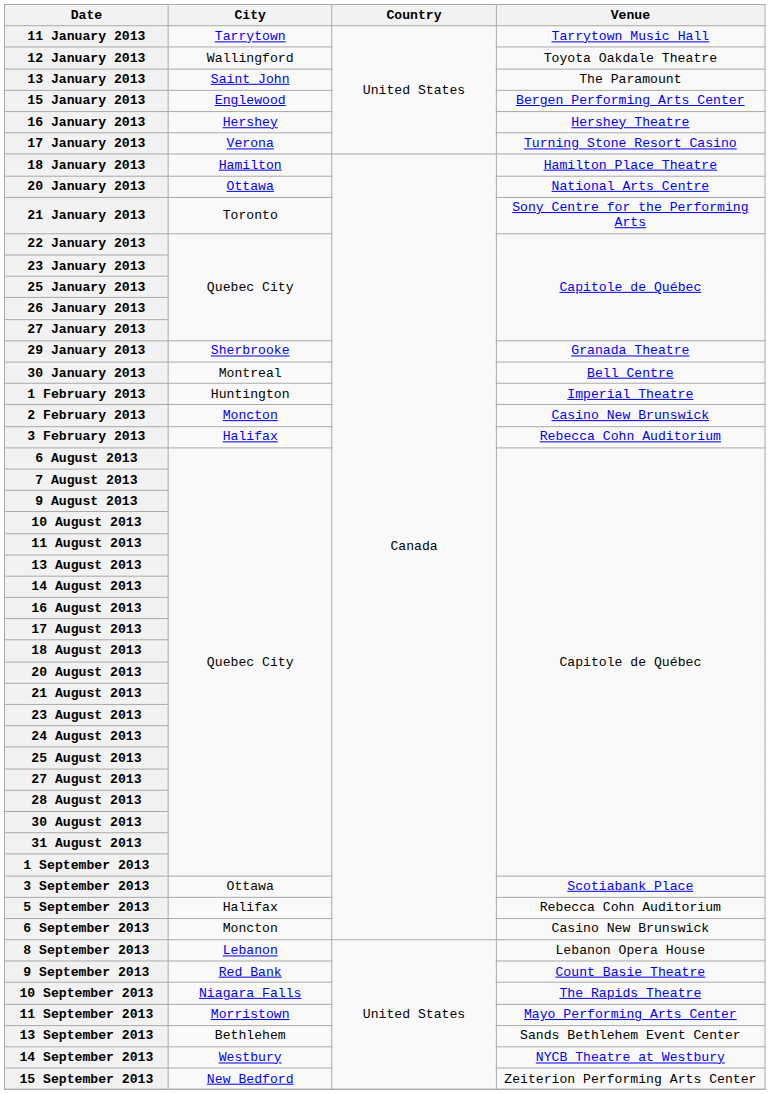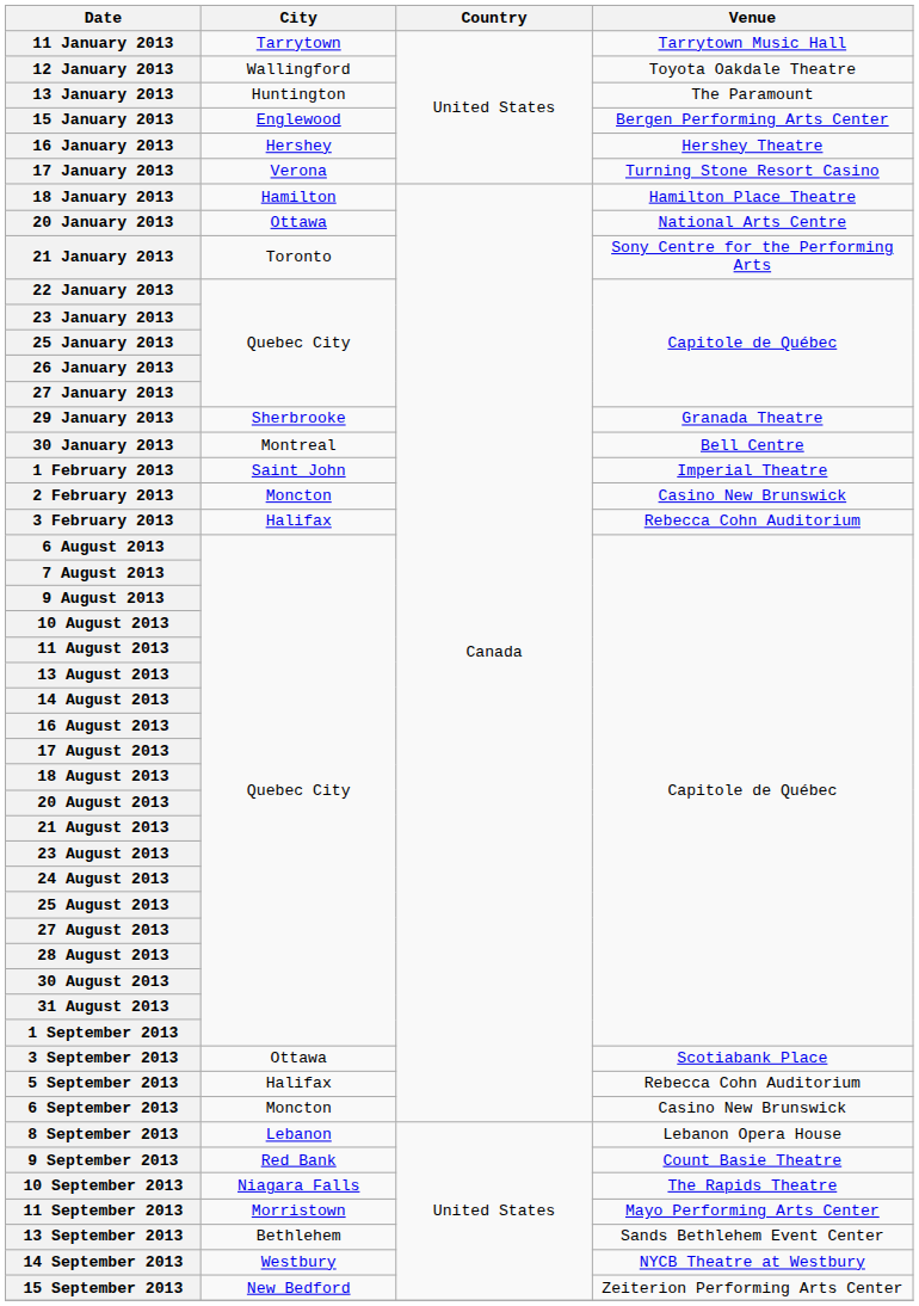 <table class="wikitable plainrowheaders" style="text-align:center;">
 <tr>
 <th scope="col" style="width:12em;">Date</th>
 <th scope="col" style="width:12em;">City</th>
 <th scope="col" style="width:12em;">Country</th>
 <th scope="col" style="width:20em;">Venue</th>
 </tr>
 <tr>
 <th scope="row">11 January 2013</th>
 <td><a href='#'>Tarrytown</a></td>
 <td rowspan="6">United States</td>
 <td><a href='#'>Tarrytown Music Hall</a></td>
 </tr>
 <tr>
 <th scope="row">12 January 2013</th>
 <td>Wallingford</td>
 <td>Toyota Oakdale Theatre</td>
 </tr>
 <tr>
 <th scope="row">13 January 2013</th>
-<td><a href='#'>Saint John</a></td>
+<td>Huntington</td>
 <td>The Paramount</td>
 </tr>
 <tr>
 <th scope="row">15 January 2013</th>
 <td><a href='#'>Englewood</a></td>
 <td><a href='#'>Bergen Performing Arts Center</a></td>
 </tr>
 <tr>
 <th scope="row">16 January 2013</th>
 <td><a href='#'>Hershey</a></td>
 <td><a href='#'>Hershey Theatre</a></td>
 </tr>
 <tr>
 <th scope="row">17 January 2013</th>
 <td><a href='#'>Verona</a></td>
 <td><a href='#'>Turning Stone Resort Casino</a></td>
 </tr>
 <tr>
 <th scope="row">18 January 2013</th>
 <td><a href='#'>Hamilton</a></td>
 <td rowspan="36">Canada</td>
 <td><a href='#'>Hamilton Place Theatre</a></td>
 </tr>
 <tr>
 <th scope="row">20 January 2013</th>
 <td><a href='#'>Ottawa</a></td>
 <td><a href='#'>National Arts Centre</a></td>
 </tr>
 <tr>
 <th scope="row">21 January 2013</th>
 <td>Toronto</td>
 <td><a href='#'>Sony Centre for the Performing Arts</a></td>
 </tr>
 <tr>
 <th scope="row">22 January 2013</th>
 <td rowspan="5">Quebec City</td>
 <td rowspan="5"><a href='#'>Capitole de Québec</a></td>
 </tr>
 <tr>
 <th scope="row">23 January 2013</th>
 </tr>
 <tr>
 <th scope="row">25 January 2013</th>
 </tr>
 <tr>
 <th scope="row">26 January 2013</th>
 </tr>
 <tr>
 <th scope="row">27 January 2013</th>
 </tr>
 <tr>
 <th scope="row">29 January 2013</th>
 <td><a href='#'>Sherbrooke</a></td>
 <td><a href='#'>Granada Theatre</a></td>
 </tr>
 <tr>
 <th scope="row">30 January 2013</th>
 <td>Montreal</td>
 <td><a href='#'>Bell Centre</a></td>
 </tr>
 <tr>
 <th scope="row">1 February 2013</th>
-<td>Huntington</td>
+<td><a href='#'>Saint John</a></td>
 <td><a href='#'>Imperial Theatre</a></td>
 </tr>
 <tr>
 <th scope="row">2 February 2013</th>
 <td><a href='#'>Moncton</a></td>
 <td><a href='#'>Casino New Brunswick</a></td>
 </tr>
 <tr>
 <th scope="row">3 February 2013</th>
 <td><a href='#'>Halifax</a></td>
 <td><a href='#'>Rebecca Cohn Auditorium</a></td>
 </tr>
 <tr>
 <th scope="row">6 August 2013</th>
 <td rowspan="20">Quebec City</td>
 <td rowspan="20">Capitole de Québec</td>
 </tr>
 <tr>
 <th scope="row">7 August 2013</th>
 </tr>
 <tr>
 <th scope="row">9 August 2013</th>
 </tr>
 <tr>
 <th scope="row">10 August 2013</th>
 </tr>
 <tr>
 <th scope="row">11 August 2013</th>
 </tr>
 <tr>
 <th scope="row">13 August 2013</th>
 </tr>
 <tr>
 <th scope="row">14 August 2013</th>
 </tr>
 <tr>
 <th scope="row">16 August 2013</th>
 </tr>
 <tr>
 <th scope="row">17 August 2013</th>
 </tr>
 <tr>
 <th scope="row">18 August 2013</th>
 </tr>
 <tr>
 <th scope="row">20 August 2013</th>
 </tr>
 <tr>
 <th scope="row">21 August 2013</th>
 </tr>
 <tr>
 <th scope="row">23 August 2013</th>
 </tr>
 <tr>
 <th scope="row">24 August 2013</th>
 </tr>
 <tr>
 <th scope="row">25 August 2013</th>
 </tr>
 <tr>
 <th scope="row">27 August 2013</th>
 </tr>
 <tr>
 <th scope="row">28 August 2013</th>
 </tr>
 <tr>
 <th scope="row">30 August 2013</th>
 </tr>
 <tr>
 <th scope="row">31 August 2013</th>
 </tr>
 <tr>
 <th scope="row">1 September 2013</th>
 </tr>
 <tr>
 <th scope="row">3 September 2013</th>
 <td>Ottawa</td>
 <td><a href='#'>Scotiabank Place</a></td>
 </tr>
 <tr>
 <th scope="row">5 September 2013</th>
 <td>Halifax</td>
 <td>Rebecca Cohn Auditorium</td>
 </tr>
 <tr>
 <th scope="row">6 September 2013</th>
 <td>Moncton</td>
 <td>Casino New Brunswick</td>
 </tr>
 <tr>
 <th scope="row">8 September 2013</th>
 <td><a href='#'>Lebanon</a></td>
 <td rowspan="7">United States</td>
 <td>Lebanon Opera House</td>
 </tr>
 <tr>
 <th scope="row">9 September 2013</th>
 <td><a href='#'>Red Bank</a></td>
 <td><a href='#'>Count Basie Theatre</a></td>
 </tr>
 <tr>
 <th scope="row">10 September 2013</th>
 <td><a href='#'>Niagara Falls</a></td>
 <td><a href='#'>The Rapids Theatre</a></td>
 </tr>
 <tr>
 <th scope="row">11 September 2013</th>
 <td><a href='#'>Morristown</a></td>
 <td><a href='#'>Mayo Performing Arts Center</a></td>
 </tr>
 <tr>
 <th scope="row">13 September 2013</th>
 <td>Bethlehem</td>
 <td>Sands Bethlehem Event Center</td>
 </tr>
 <tr>
 <th scope="row">14 September 2013</th>
 <td><a href='#'>Westbury</a></td>
 <td><a href='#'>NYCB Theatre at Westbury</a></td>
 </tr>
 <tr>
 <th scope="row">15 September 2013</th>
 <td><a href='#'>New Bedford</a></td>
 <td>Zeiterion Performing Arts Center</td>
 </tr>
 <tr>
 </tr>
 </table>
